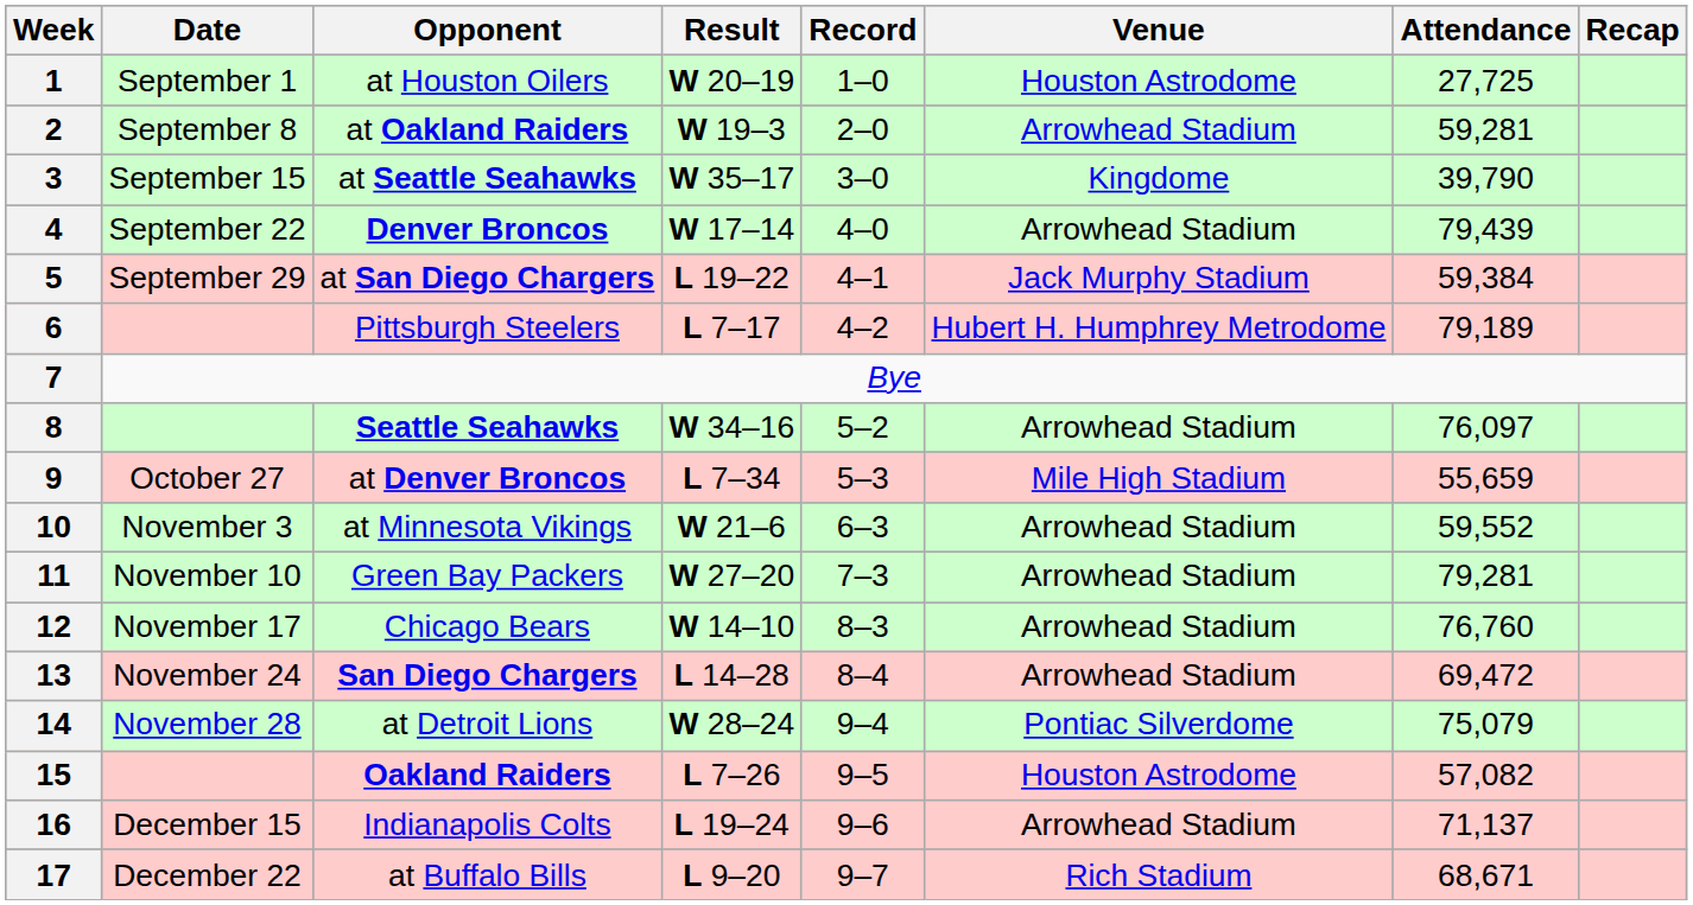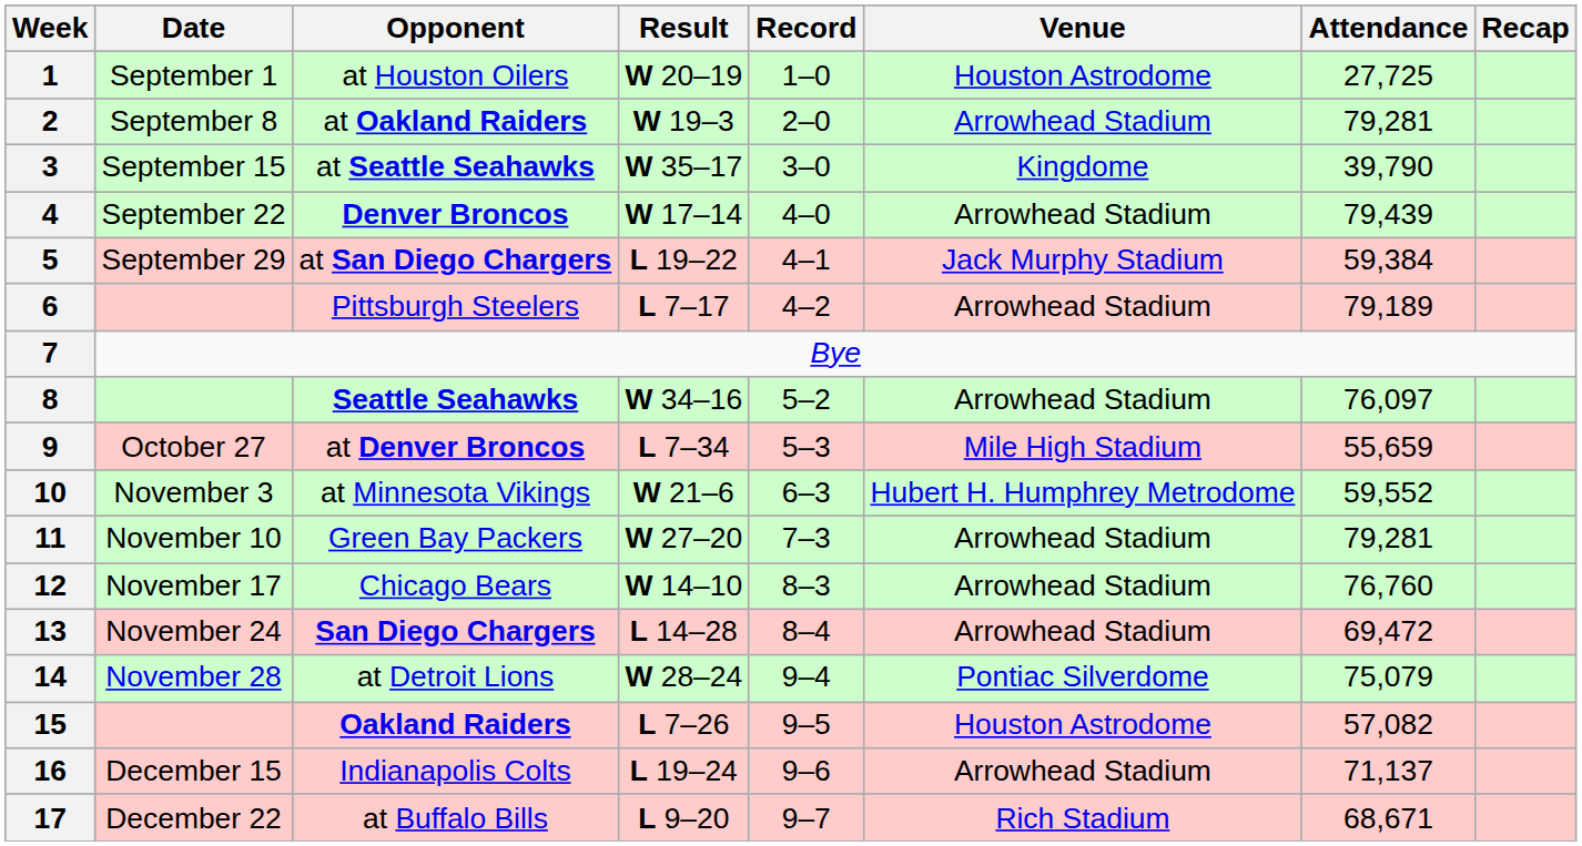 <table class="wikitable" style="text-align:center">
 <tr>
 <th>Week</th>
 <th>Date</th>
 <th>Opponent</th>
 <th>Result</th>
 <th>Record</th>
 <th>Venue</th>
 <th>Attendance</th>
 <th>Recap</th>
 </tr>
 <tr style="background:#cfc">
 <th>1</th>
 <td>September 1</td>
 <td>at <a href='#'>Houston Oilers</a></td>
 <td><strong>W</strong> 20–19</td>
 <td>1–0</td>
 <td><a href='#'>Houston Astrodome</a></td>
 <td>27,725</td>
 <td></td>
 </tr>
 <tr style="background:#cfc">
 <th>2</th>
 <td>September 8</td>
 <td>at <strong><a href='#'>Oakland Raiders</a></strong></td>
 <td><strong>W</strong> 19–3</td>
 <td>2–0</td>
 <td><a href='#'>Arrowhead Stadium</a></td>
-<td>59,281</td>
+<td>79,281</td>
 <td></td>
 </tr>
 <tr style="background:#cfc">
 <th>3</th>
 <td>September 15</td>
 <td>at <strong><a href='#'>Seattle Seahawks</a></strong></td>
 <td><strong>W</strong> 35–17</td>
 <td>3–0</td>
 <td><a href='#'>Kingdome</a></td>
 <td>39,790</td>
 <td></td>
 </tr>
 <tr style="background:#cfc">
 <th>4</th>
 <td>September 22</td>
 <td><strong><a href='#'>Denver Broncos</a></strong></td>
 <td><strong>W</strong> 17–14</td>
 <td>4–0</td>
 <td>Arrowhead Stadium</td>
 <td>79,439</td>
 <td></td>
 </tr>
 <tr style="background:#fcc">
 <th>5</th>
 <td>September 29</td>
 <td>at <strong><a href='#'>San Diego Chargers</a></strong></td>
 <td><strong>L</strong> 19–22</td>
 <td>4–1</td>
 <td><a href='#'>Jack Murphy Stadium</a></td>
 <td>59,384</td>
 <td></td>
 </tr>
 <tr style="background:#fcc">
 <th>6</th>
 <td></td>
 <td><a href='#'>Pittsburgh Steelers</a></td>
 <td><strong>L</strong> 7–17</td>
 <td>4–2</td>
-<td><a href='#'>Hubert H. Humphrey Metrodome</a></td>
+<td>Arrowhead Stadium</td>
 <td>79,189</td>
 <td></td>
 </tr>
 <tr>
 <th>7</th>
 <td colspan="7"><em><a href='#'>Bye</a></em></td>
 </tr>
 <tr style="background:#cfc">
 <th>8</th>
 <td></td>
 <td><strong><a href='#'>Seattle Seahawks</a></strong></td>
 <td><strong>W</strong> 34–16</td>
 <td>5–2</td>
 <td>Arrowhead Stadium</td>
 <td>76,097</td>
 <td></td>
 </tr>
 <tr style="background:#fcc">
 <th>9</th>
 <td>October 27</td>
 <td>at <strong><a href='#'>Denver Broncos</a></strong></td>
 <td><strong>L</strong> 7–34</td>
 <td>5–3</td>
 <td><a href='#'>Mile High Stadium</a></td>
 <td>55,659</td>
 <td></td>
 </tr>
 <tr style="background:#cfc">
 <th>10</th>
 <td>November 3</td>
 <td>at <a href='#'>Minnesota Vikings</a></td>
 <td><strong>W</strong> 21–6</td>
 <td>6–3</td>
-<td>Arrowhead Stadium</td>
+<td><a href='#'>Hubert H. Humphrey Metrodome</a></td>
 <td>59,552</td>
 <td></td>
 </tr>
 <tr style="background:#cfc">
 <th>11</th>
 <td>November 10</td>
 <td><a href='#'>Green Bay Packers</a></td>
 <td><strong>W</strong> 27–20</td>
 <td>7–3</td>
 <td>Arrowhead Stadium</td>
 <td>79,281</td>
 <td></td>
 </tr>
 <tr style="background:#cfc">
 <th>12</th>
 <td>November 17</td>
 <td><a href='#'>Chicago Bears</a></td>
 <td><strong>W</strong> 14–10</td>
 <td>8–3</td>
 <td>Arrowhead Stadium</td>
 <td>76,760</td>
 <td></td>
 </tr>
 <tr style="background:#fcc">
 <th>13</th>
 <td>November 24</td>
 <td><strong><a href='#'>San Diego Chargers</a></strong></td>
 <td><strong>L</strong> 14–28</td>
 <td>8–4</td>
 <td>Arrowhead Stadium</td>
 <td>69,472</td>
 <td></td>
 </tr>
 <tr style="background:#cfc">
 <th>14</th>
 <td><a href='#'>November 28</a></td>
 <td>at <a href='#'>Detroit Lions</a></td>
 <td><strong>W</strong> 28–24</td>
 <td>9–4</td>
 <td><a href='#'>Pontiac Silverdome</a></td>
 <td>75,079</td>
 <td></td>
 </tr>
 <tr style="background:#fcc">
 <th>15</th>
 <td></td>
 <td><strong><a href='#'>Oakland Raiders</a></strong></td>
 <td><strong>L</strong> 7–26</td>
 <td>9–5</td>
 <td><a href='#'>Houston Astrodome</a></td>
 <td>57,082</td>
 <td></td>
 </tr>
 <tr style="background:#fcc">
 <th>16</th>
 <td>December 15</td>
 <td><a href='#'>Indianapolis Colts</a></td>
 <td><strong>L</strong> 19–24</td>
 <td>9–6</td>
 <td>Arrowhead Stadium</td>
 <td>71,137</td>
 <td></td>
 </tr>
 <tr style="background:#fcc">
 <th>17</th>
 <td>December 22</td>
 <td>at <a href='#'>Buffalo Bills</a></td>
 <td><strong>L</strong> 9–20</td>
 <td>9–7</td>
 <td><a href='#'>Rich Stadium</a></td>
 <td>68,671</td>
 <td></td>
 </tr>
 </table>
